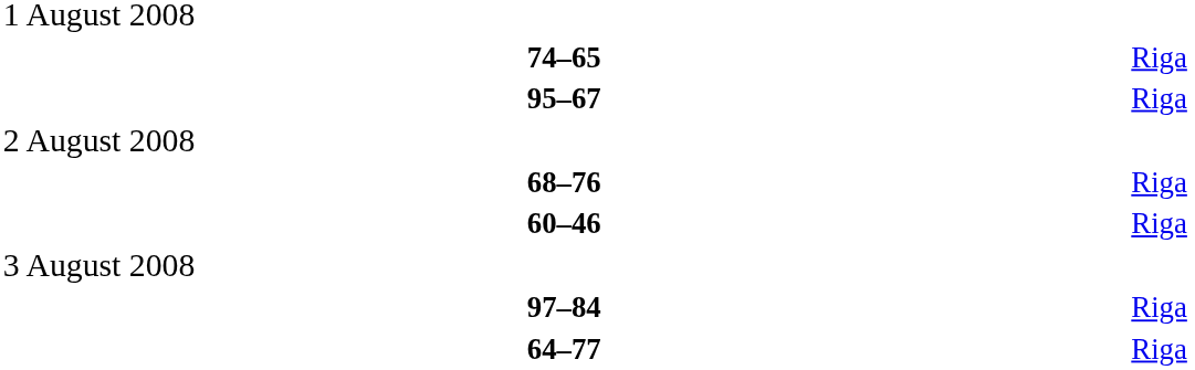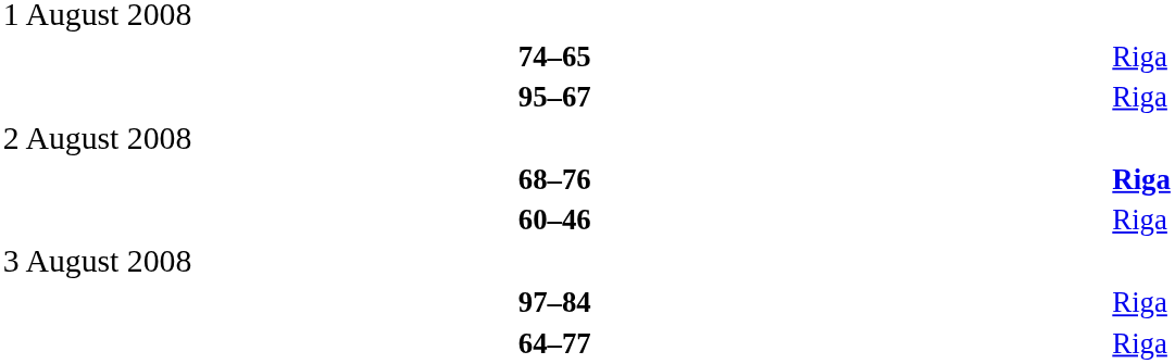 <table style="width:100%;" cellspacing="1">
 <tr>
 <th width=25%></th>
 <th width=3%></th>
 <th width=6%></th>
 <th width=3%></th>
 <th width=25%></th>
 </tr>
 <tr>
 <td>1 August 2008</td>
 </tr>
 <tr style=font-size:90%>
 <td align=right><strong></strong></td>
 <td></td>
 <td align=center><strong>74–65</strong></td>
 <td></td>
 <td><strong></strong></td>
 <td><a href='#'>Riga</a></td>
 </tr>
 <tr style=font-size:90%>
 <td align=right><strong></strong></td>
 <td></td>
 <td align=center><strong>95–67</strong></td>
 <td></td>
 <td><strong></strong></td>
 <td><a href='#'>Riga</a></td>
 </tr>
 <tr>
 <td>2 August 2008</td>
 </tr>
 <tr style=font-size:90%>
 <td align=right><strong></strong></td>
 <td></td>
 <td align=center><strong>68–76</strong></td>
 <td></td>
 <td><strong></strong></td>
-<td><a href='#'>Riga</a></td>
+<td><strong><a href='#'>Riga</a></strong></td>
 </tr>
 <tr style=font-size:90%>
 <td align=right><strong></strong></td>
 <td></td>
 <td align=center><strong>60–46</strong></td>
 <td></td>
 <td><strong></strong></td>
 <td><a href='#'>Riga</a></td>
 </tr>
 <tr>
 <td>3 August 2008</td>
 </tr>
 <tr style=font-size:90%>
 <td align=right><strong></strong></td>
 <td></td>
 <td align=center><strong>97–84</strong></td>
 <td></td>
 <td><strong></strong></td>
 <td><a href='#'>Riga</a></td>
 </tr>
 <tr style=font-size:90%>
 <td align=right><strong></strong></td>
 <td></td>
 <td align=center><strong>64–77</strong></td>
 <td></td>
 <td><strong></strong></td>
 <td><a href='#'>Riga</a></td>
 </tr>
 </table>
